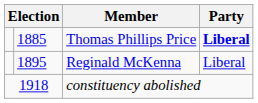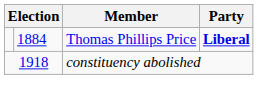 <table class="wikitable">
 <tr>
 <th colspan="2">Election</th>
 <th>Member</th>
 <th>Party</th>
 </tr>
 <tr>
 <td style="color:inherit;background-color: "></td>
-<td><a href='#'>1885</a></td>
+<td><a href='#'>1884</a></td>
 <td><a href='#'>Thomas Phillips Price</a></td>
 <td><strong><a href='#'>Liberal</a></strong></td>
-</tr>
-<tr>
-<td style="color:inherit;background-color: "></td>
-<td><a href='#'>1895</a></td>
-<td><a href='#'>Reginald McKenna</a></td>
-<td><a href='#'>Liberal</a></td>
 </tr>
 <tr>
 <td colspan="2" align="center"><a href='#'>1918</a></td>
 <td colspan="2"><em>constituency abolished</em></td>
 </tr>
 </table>
